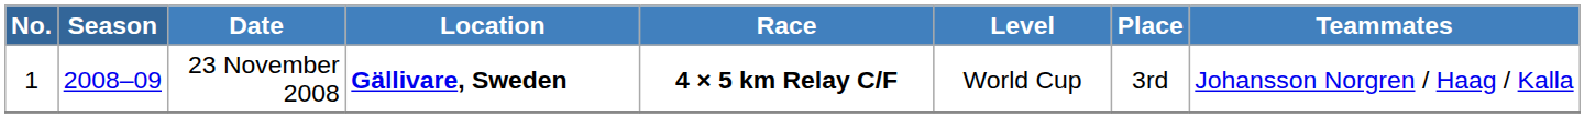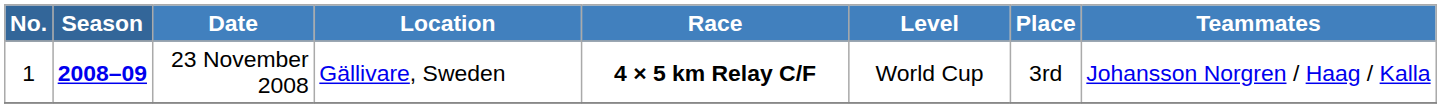 <table class="wikitable sortable" style="font-size:95%; text-align:center; border:grey solid 1px; border-collapse:collapse; background:#ffffff;">
 <tr style="background:#efefef;">
 <th style="background-color:#369; color:white;">No.</th>
 <th style="background-color:#369; color:white;">Season</th>
 <th style="background-color:#4180be; color:white; width:100px;">Date</th>
 <th style="background-color:#4180be; color:white; width:170px;">Location</th>
 <th style="background-color:#4180be; color:white; width:170px;">Race</th>
 <th style="background-color:#4180be; color:white; width:100px;">Level</th>
 <th style="background-color:#4180be; color:white;">Place</th>
 <th style="background-color:#4180be; color:white;">Teammates</th>
 </tr>
 <tr>
 <td align=center>1</td>
-<td rowspan=1 align=center><a href='#'>2008–09</a></td>
+<td rowspan=1 align=center><strong><a href='#'>2008–09</a></strong></td>
 <td align=right>23 November 2008</td>
-<td align=left><strong> <a href='#'>Gällivare</a>, Sweden</strong></td>
+<td align=left> <a href='#'>Gällivare</a>, Sweden</td>
 <td><strong>4 × 5 km Relay C/F</strong></td>
 <td>World Cup</td>
 <td>3rd</td>
 <td><a href='#'>Johansson Norgren</a> / <a href='#'>Haag</a> / <a href='#'>Kalla</a></td>
 </tr>
 <tr>
 </tr>
 </table>
